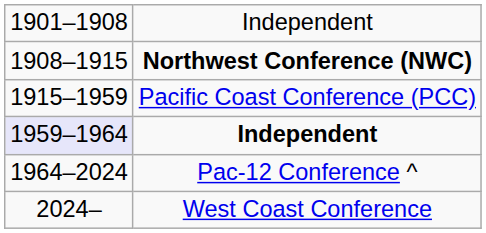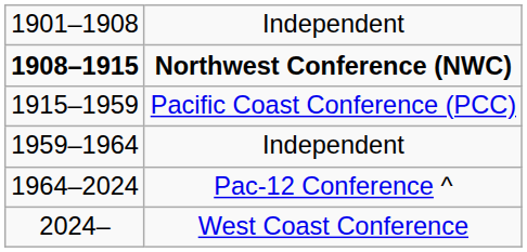 <table class="wikitable">
 <tr align="center">
 <td>1901–1908</td>
 <td>Independent</td>
 </tr>
 <tr align="center">
-<td>1908–1915</td>
+<td><strong>1908–1915</strong></td>
 <td><strong>Northwest Conference (NWC)</strong></td>
 </tr>
 <tr align="center">
 <td>1915–1959</td>
 <td><a href='#'>Pacific Coast Conference (PCC)</a></td>
 </tr>
 <tr align="center">
-<td style="background: lavender;">1959–1964</td>
-<td><strong>Independent</strong></td>
+<td>1959–1964</td>
+<td>Independent</td>
 </tr>
 <tr align="center">
 <td>1964–2024</td>
 <td><a href='#'>Pac-12 Conference</a> ^</td>
 </tr>
 <tr align="center">
 <td>2024–</td>
 <td><a href='#'>West Coast Conference</a></td>
 </tr>
 </table>
